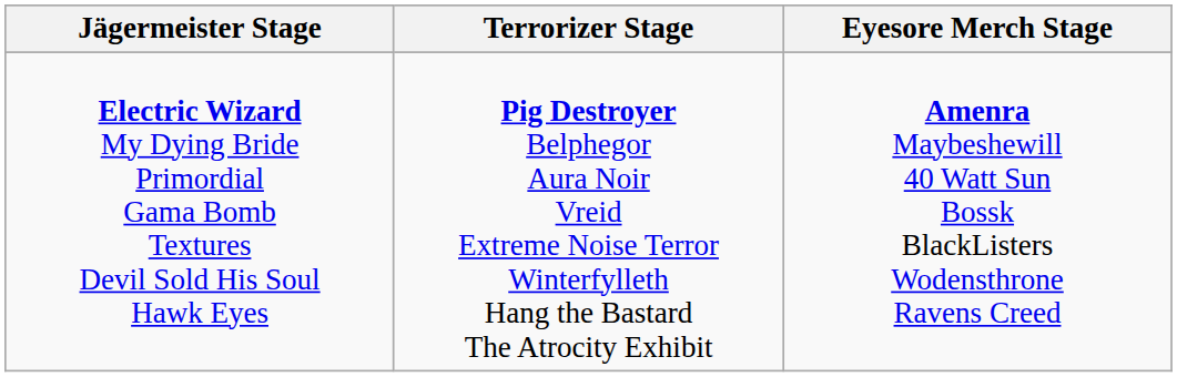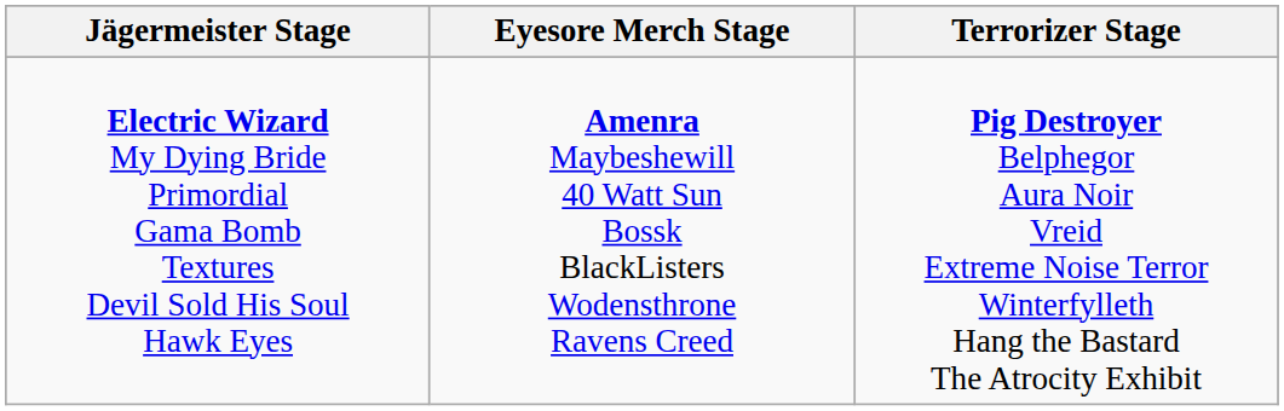 <table class="wikitable">
 <tr>
 <th>Jägermeister Stage</th>
+<th>Eyesore Merch Stage</th>
 <th>Terrorizer Stage</th>
-<th>Eyesore Merch Stage</th>
 </tr>
 <tr>
 <td valign="top" align="center" width=200><br><strong><a href='#'>Electric Wizard</a></strong><br> <a href='#'>My Dying Bride</a><br> <a href='#'>Primordial</a><br> <a href='#'>Gama Bomb</a><br> <a href='#'>Textures</a><br> <a href='#'>Devil Sold His Soul</a><br> <a href='#'>Hawk Eyes</a><br></td>
+<td valign="top" align="center" width=200><br><strong><a href='#'>Amenra</a></strong><br> <a href='#'>Maybeshewill</a><br> <a href='#'>40 Watt Sun</a> <br> <a href='#'>Bossk</a><br> BlackListers<br> <a href='#'>Wodensthrone</a><br> <a href='#'>Ravens Creed</a><br></td>
 <td valign="top" align="center" width=200><br><strong><a href='#'>Pig Destroyer</a></strong><br> <a href='#'>Belphegor</a><br> <a href='#'>Aura Noir</a><br> <a href='#'>Vreid</a><br> <a href='#'>Extreme Noise Terror</a><br> <a href='#'>Winterfylleth</a><br> Hang the Bastard<br> The Atrocity Exhibit<br></td>
-<td valign="top" align="center" width=200><br><strong><a href='#'>Amenra</a></strong><br> <a href='#'>Maybeshewill</a><br> <a href='#'>40 Watt Sun</a> <br> <a href='#'>Bossk</a><br> BlackListers<br> <a href='#'>Wodensthrone</a><br> <a href='#'>Ravens Creed</a><br></td>
 </tr>
 </table>
